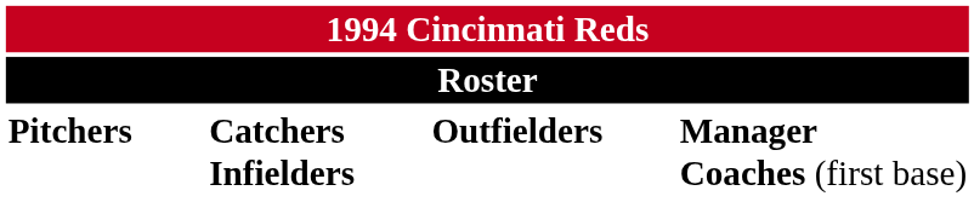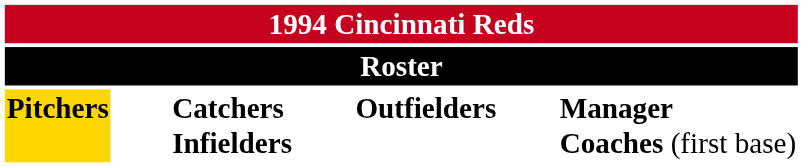 <table class="toccolours" style="font-size: 95%;">
 <tr>
 <th colspan="10" style="background:#c6011f; color:#fff; text-align:center;">1994 Cincinnati Reds</th>
 </tr>
 <tr>
 <td colspan="10" style="background:black; color:#fff; text-align:center;"><strong>Roster</strong></td>
 </tr>
 <tr>
-<td valign="top"><strong>Pitchers</strong><br>               </td>
+<td valign="top" style="background: gold;"><strong>Pitchers</strong><br>               </td>
 <td style="width:25px;"></td>
 <td valign="top"><strong>Catchers</strong><br>   <strong>Infielders</strong>       </td>
 <td style="width:25px;"></td>
 <td valign="top"><strong>Outfielders</strong><br>        </td>
 <td style="width:25px;"></td>
 <td valign="top"><strong>Manager</strong><br> <strong>Coaches</strong>      (first base)</td>
 </tr>
 </table>
